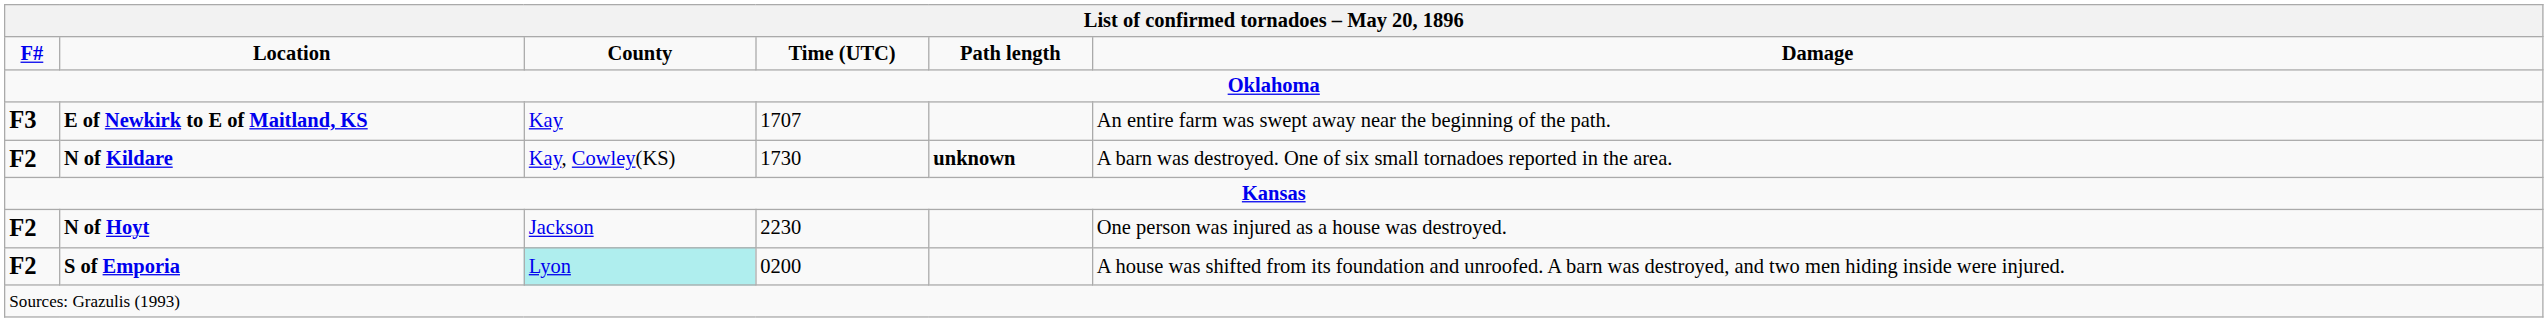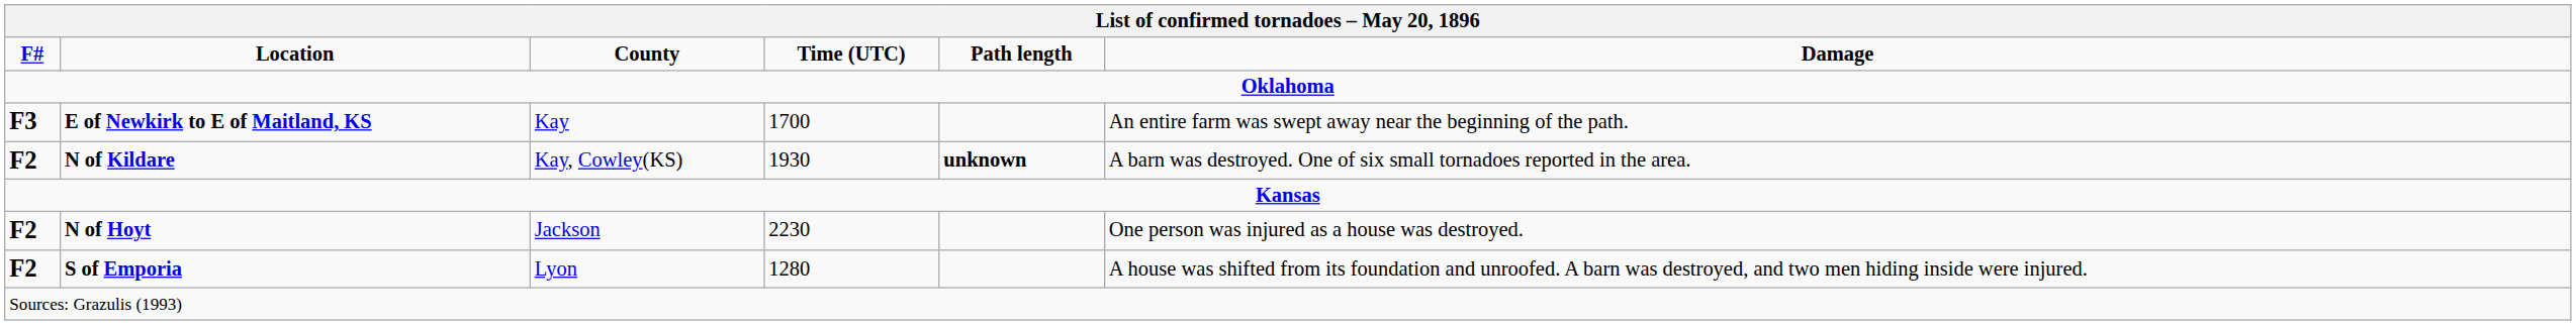 <table class="wikitable toccolours collapsible" style="width:100%;">
 <tr>
 <th colspan="6">List of confirmed tornadoes – May 20, 1896</th>
 </tr>
 <tr style="text-align:center;">
 <td><strong><a href='#'>F#</a></strong></td>
 <td><strong>Location</strong></td>
 <td><strong>County</strong></td>
 <td><strong>Time (UTC)</strong></td>
 <td><strong>Path length</strong></td>
 <td><strong>Damage</strong></td>
 </tr>
 <tr>
 <td colspan="7" style="text-align:center;"><strong><a href='#'>Oklahoma</a></strong></td>
 </tr>
 <tr>
 <td><big><strong>F3</strong></big></td>
 <td><strong>E of <a href='#'>Newkirk</a> to E of <a href='#'>Maitland, KS</a></strong></td>
 <td><a href='#'>Kay</a></td>
-<td>1707</td>
+<td>1700</td>
 <td></td>
 <td>An entire farm was swept away near the beginning of the path.</td>
 </tr>
 <tr>
 <td><big><strong>F2</strong></big></td>
 <td><strong>N of <a href='#'>Kildare</a></strong></td>
 <td><a href='#'>Kay</a>, <a href='#'>Cowley</a>(KS)</td>
-<td>1730</td>
+<td>1930</td>
 <td><strong>unknown</strong></td>
 <td>A barn was destroyed. One of six small tornadoes reported in the area.</td>
 </tr>
 <tr>
 <td colspan="7" style="text-align:center;"><strong><a href='#'>Kansas</a></strong></td>
 </tr>
 <tr>
 <td><big><strong>F2</strong></big></td>
 <td><strong>N of <a href='#'>Hoyt</a></strong></td>
 <td><a href='#'>Jackson</a></td>
 <td>2230</td>
 <td></td>
 <td>One person was injured as a house was destroyed.</td>
 </tr>
 <tr>
 <td><big><strong>F2</strong></big></td>
 <td><strong>S of <a href='#'>Emporia</a></strong></td>
-<td style="background: paleturquoise;"><a href='#'>Lyon</a></td>
-<td>0200</td>
+<td><a href='#'>Lyon</a></td>
+<td>1280</td>
 <td></td>
 <td>A house was shifted from its foundation and unroofed. A barn was destroyed, and two men hiding inside were injured.</td>
 </tr>
 <tr>
 <td colspan="7"><small>Sources: Grazulis (1993) </small></td>
 </tr>
 </table>
